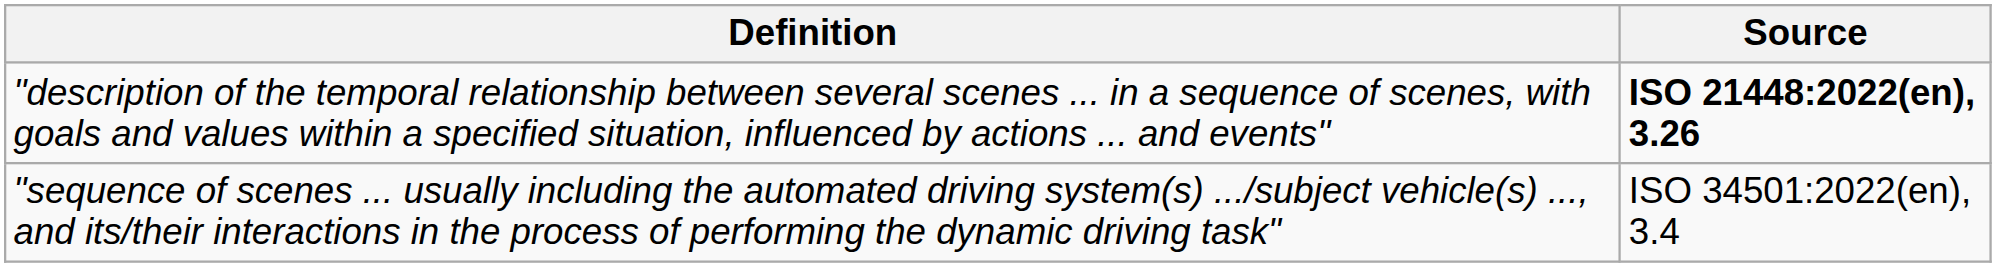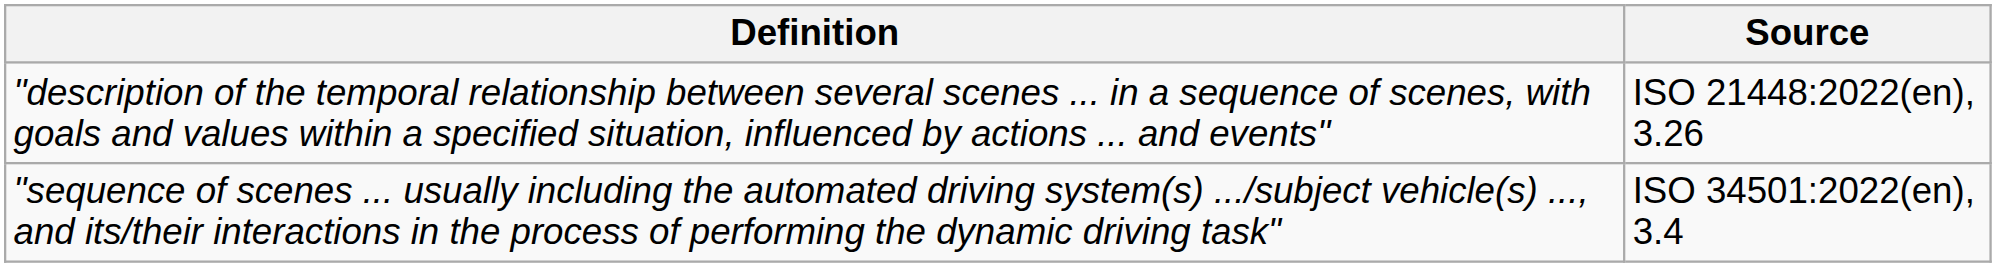 <table class="wikitable">
 <tr>
 <th>Definition</th>
 <th>Source</th>
 </tr>
 <tr>
 <td><em>"description of the temporal relationship between several scenes ... in a sequence of scenes, with goals and values within a specified situation, influenced by actions ... and events"</em></td>
-<td><strong>ISO 21448:2022(en), 3.26</strong></td>
+<td>ISO 21448:2022(en), 3.26</td>
 </tr>
 <tr>
 <td><em>"sequence of scenes ... usually including the automated driving system(s) .../subject vehicle(s) ..., and its/their interactions in the process of performing the dynamic driving task"</em></td>
 <td>ISO 34501:2022(en), 3.4</td>
 </tr>
 </table>
